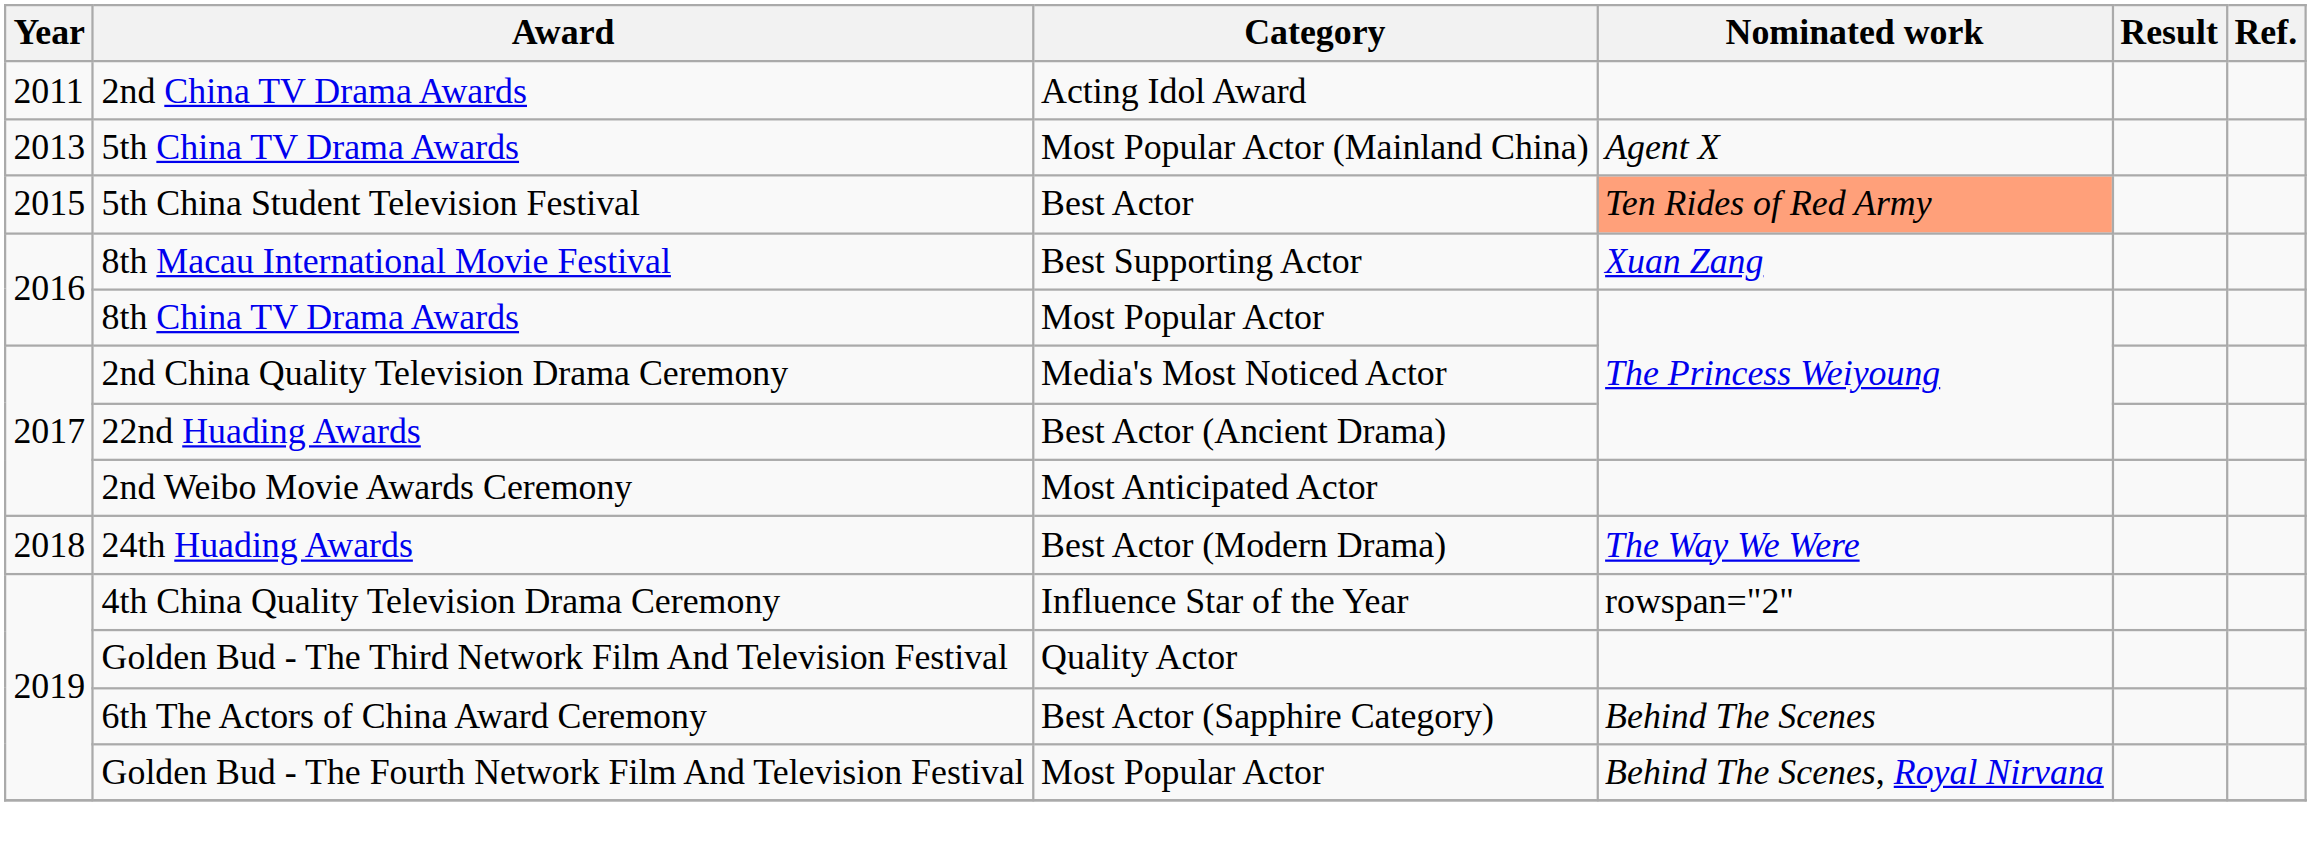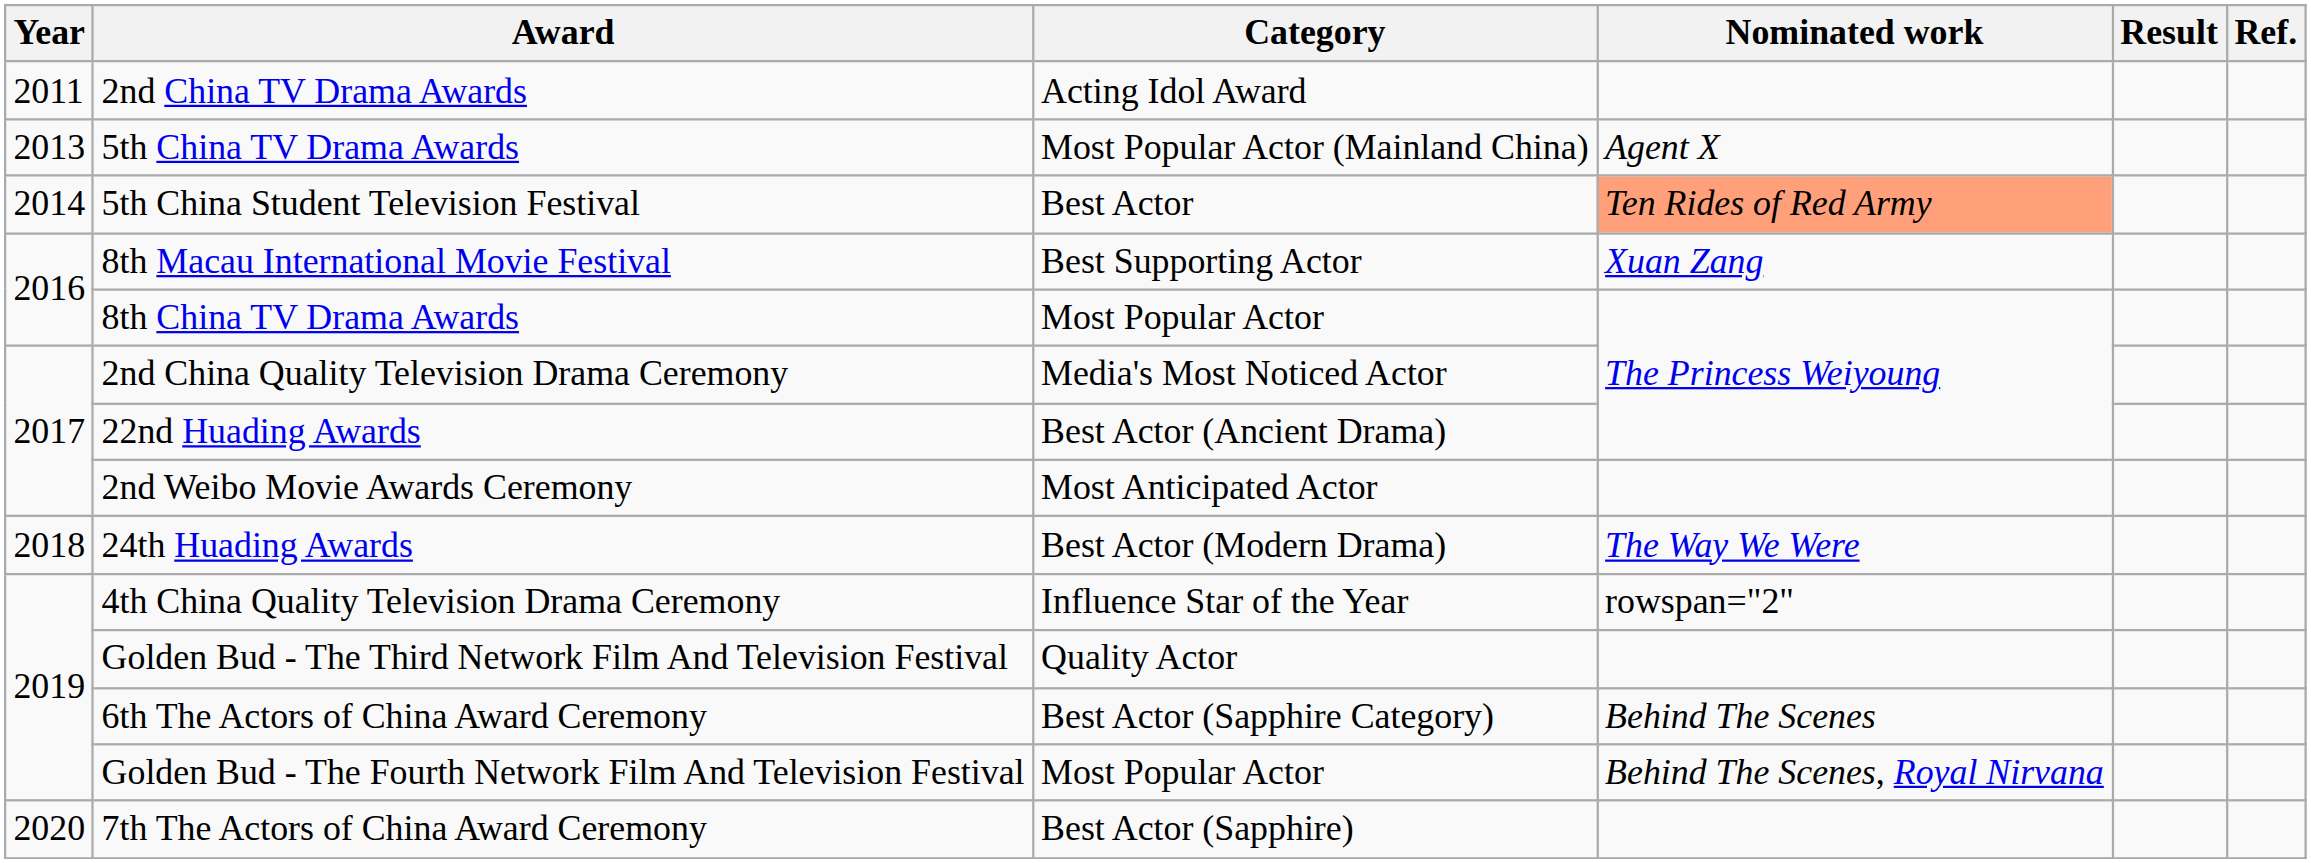 <table class="wikitable">
 <tr>
 <th>Year</th>
 <th>Award</th>
 <th>Category</th>
 <th>Nominated work</th>
 <th>Result</th>
 <th>Ref.</th>
 </tr>
 <tr>
 <td>2011</td>
 <td>2nd <a href='#'>China TV Drama Awards</a></td>
 <td>Acting Idol Award</td>
 <td></td>
 <td></td>
 <td align="center"></td>
 </tr>
 <tr>
 <td>2013</td>
 <td>5th <a href='#'>China TV Drama Awards</a></td>
 <td>Most Popular Actor (Mainland China)</td>
 <td><em>Agent X</em></td>
 <td></td>
 <td align="center"></td>
 </tr>
 <tr>
-<td>2015</td>
+<td>2014</td>
 <td>5th China Student Television Festival</td>
 <td>Best Actor</td>
 <td style="background: lightsalmon;"><em>Ten Rides of Red Army</em></td>
 <td></td>
 <td align="center"></td>
 </tr>
 <tr>
 <td rowspan="2">2016</td>
 <td>8th <a href='#'>Macau International Movie Festival</a></td>
 <td>Best Supporting Actor</td>
 <td><em><a href='#'>Xuan Zang</a></em></td>
 <td></td>
 <td align="center"></td>
 </tr>
 <tr>
 <td>8th <a href='#'>China TV Drama Awards</a></td>
 <td>Most Popular Actor</td>
 <td rowspan="3"><em><a href='#'>The Princess Weiyoung</a></em></td>
 <td></td>
 <td align="center"></td>
 </tr>
 <tr>
 <td rowspan="3">2017</td>
 <td>2nd China Quality Television Drama Ceremony</td>
 <td>Media's Most Noticed Actor</td>
 <td></td>
 <td align="center"></td>
 </tr>
 <tr>
 <td>22nd <a href='#'>Huading Awards</a></td>
 <td>Best Actor (Ancient Drama)</td>
 <td></td>
 <td align="center"></td>
 </tr>
 <tr>
 <td>2nd Weibo Movie Awards Ceremony</td>
 <td>Most Anticipated Actor</td>
 <td></td>
 <td></td>
 <td align="center"></td>
 </tr>
 <tr>
 <td>2018</td>
 <td>24th <a href='#'>Huading Awards</a></td>
 <td>Best Actor (Modern Drama)</td>
 <td><em><a href='#'>The Way We Were</a></em></td>
 <td></td>
 <td align="center"></td>
 </tr>
 <tr>
 <td rowspan="4">2019</td>
 <td>4th China Quality Television Drama Ceremony</td>
 <td>Influence Star of the Year</td>
 <td>rowspan="2" </td>
 <td></td>
 <td align="center"></td>
 </tr>
 <tr>
 <td>Golden Bud - The Third Network Film And Television Festival</td>
 <td>Quality Actor</td>
 <td></td>
 <td align="center"></td>
 </tr>
 <tr>
 <td>6th The Actors of China Award Ceremony</td>
 <td>Best Actor (Sapphire Category)</td>
 <td><em>Behind The Scenes</em></td>
 <td></td>
 <td align="center"></td>
 </tr>
 <tr>
 <td>Golden Bud - The Fourth Network Film And Television Festival</td>
 <td>Most Popular Actor</td>
 <td><em>Behind The Scenes</em>, <em><a href='#'>Royal Nirvana</a></em></td>
 <td></td>
 <td align="center"></td>
 </tr>
 <tr>
+<td>2020</td>
+<td>7th The Actors of China Award Ceremony</td>
+<td>Best Actor (Sapphire)</td>
+<td></td>
+<td></td>
+<td align="center"></td>
+</tr>
+<tr>
 </tr>
 </table>
